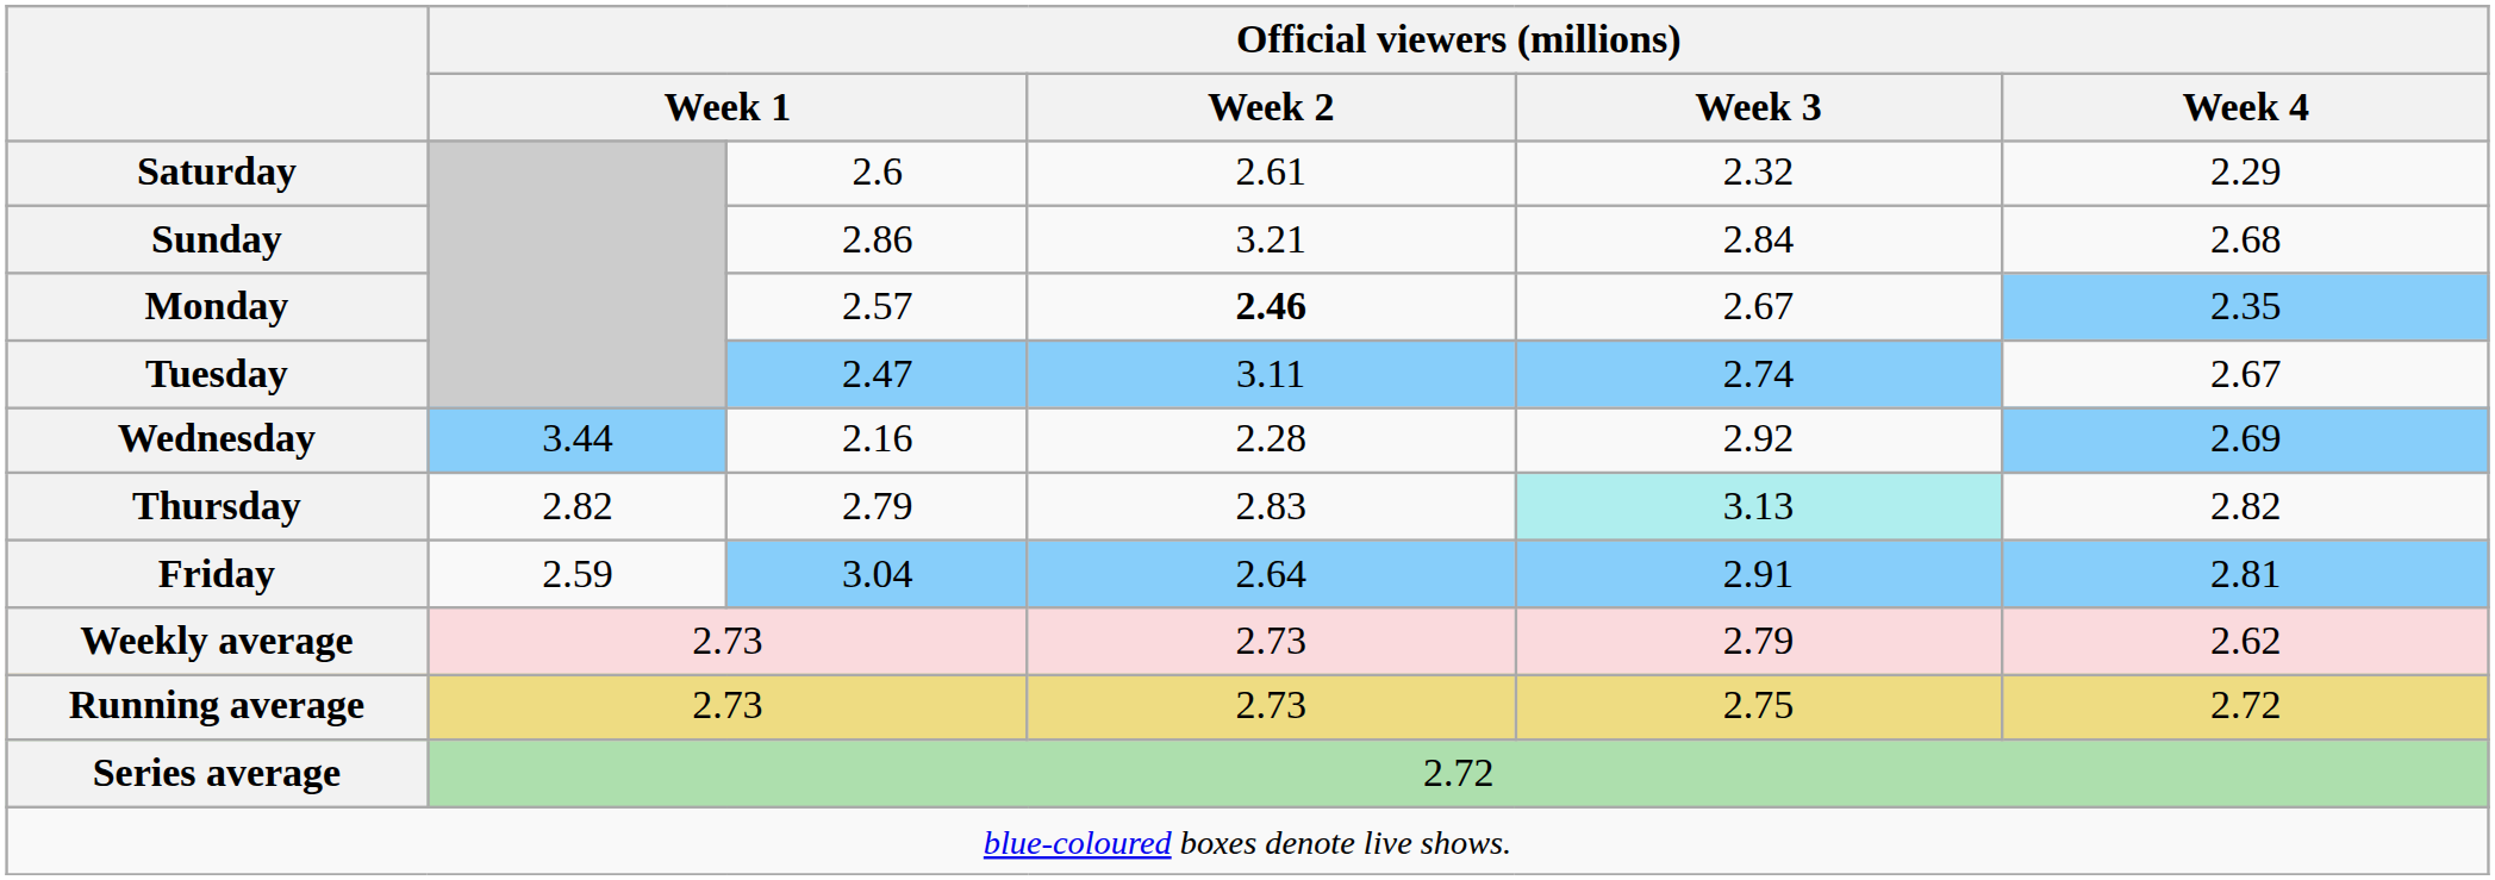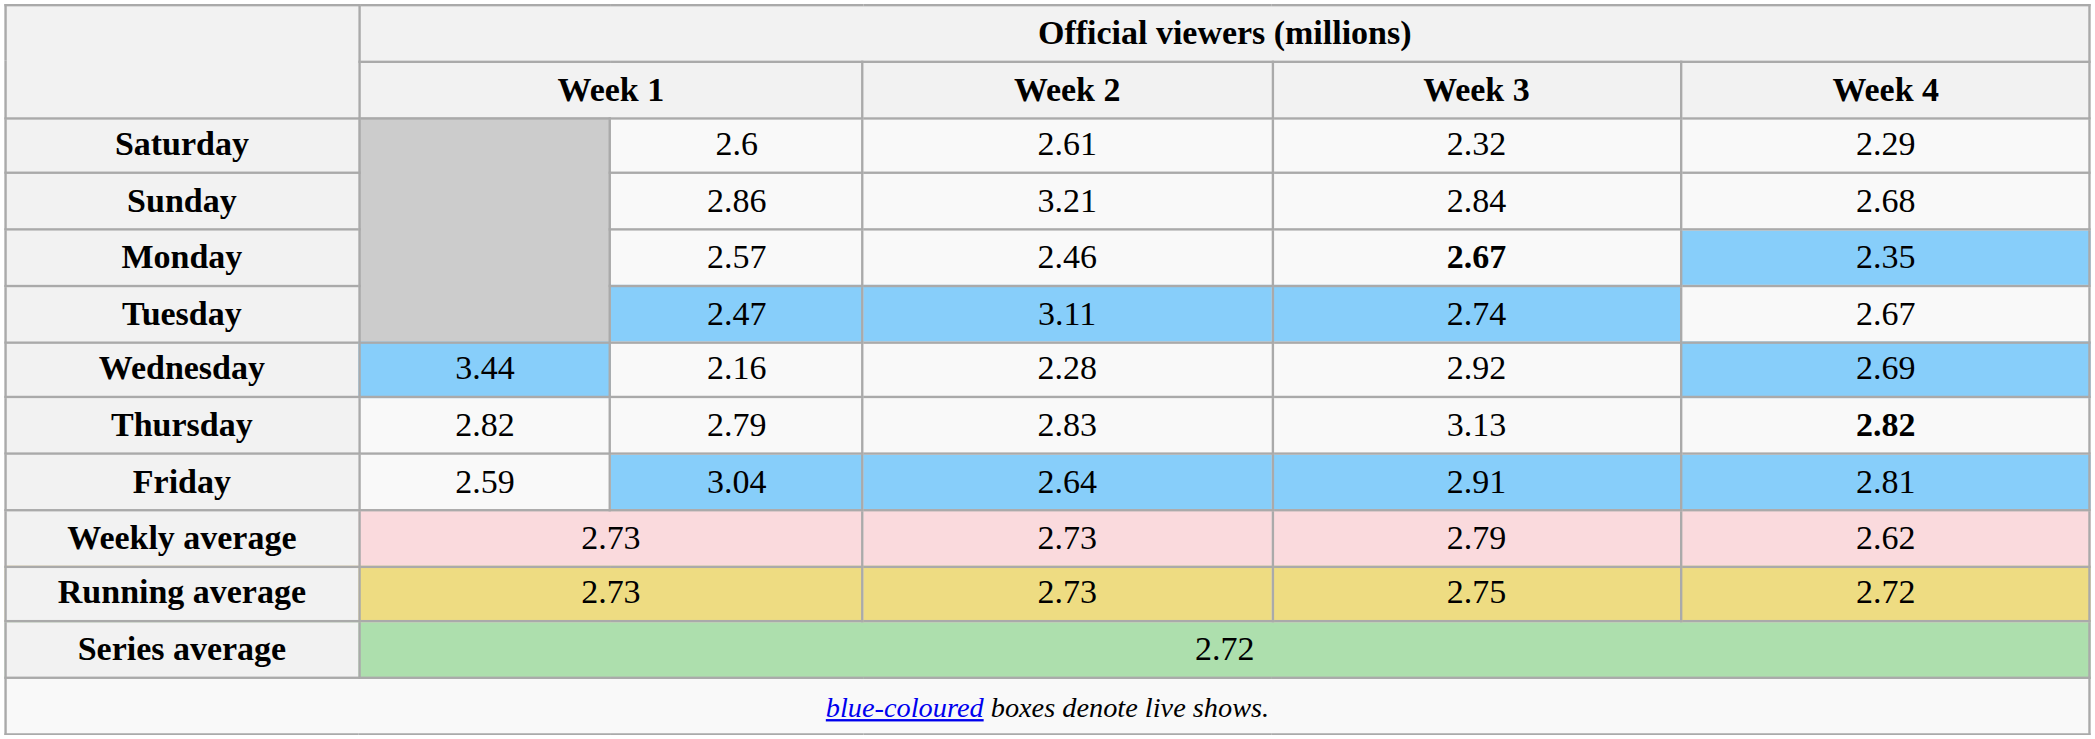 <table class="wikitable" style="font-size:90%; text-align:center; width: 70%; margin-left: auto; margin-right: auto;">
 <tr>
 <th scope="col" rowspan="2" style="width:17%;"></th>
 <th scope=col colspan=5>Official viewers (millions)</th>
 </tr>
 <tr>
 <th colspan="2">Week 1</th>
 <th>Week 2</th>
 <th>Week 3</th>
 <th>Week 4</th>
 </tr>
 <tr>
 <th>Saturday</th>
 <td style="background:#ccc;" rowspan="4"></td>
 <td>2.6</td>
 <td>2.61</td>
 <td>2.32</td>
 <td>2.29</td>
 </tr>
 <tr>
 <th>Sunday</th>
 <td>2.86</td>
 <td>3.21</td>
 <td>2.84</td>
 <td>2.68</td>
 </tr>
 <tr>
 <th>Monday</th>
 <td>2.57</td>
-<td><strong>2.46</strong></td>
-<td>2.67</td>
+<td>2.46</td>
+<td><strong>2.67</strong></td>
 <td style="background:#87CEFA;">2.35</td>
 </tr>
 <tr>
 <th>Tuesday</th>
 <td style="background:#87CEFA;">2.47</td>
 <td style="background:#87CEFA;">3.11</td>
 <td style="background:#87CEFA;">2.74</td>
 <td>2.67</td>
 </tr>
 <tr>
 <th>Wednesday</th>
 <td style="background:#87CEFA;">3.44</td>
 <td>2.16</td>
 <td>2.28</td>
 <td>2.92</td>
 <td style="background:#87CEFA;">2.69</td>
 </tr>
 <tr>
 <th>Thursday</th>
 <td>2.82</td>
 <td>2.79</td>
 <td>2.83</td>
-<td style="background: paleturquoise;">3.13</td>
-<td>2.82</td>
+<td>3.13</td>
+<td><strong>2.82</strong></td>
 </tr>
 <tr>
 <th>Friday</th>
 <td>2.59</td>
 <td style="background:#87CEFA;">3.04</td>
 <td style="background:#87CEFA;">2.64</td>
 <td style="background:#87CEFA;">2.91</td>
 <td style="background:#87CEFA;">2.81</td>
 </tr>
 <tr style="background:#FADADD;" |>
 <th>Weekly average</th>
 <td colspan=2>2.73</td>
 <td>2.73</td>
 <td>2.79</td>
 <td>2.62</td>
 </tr>
 <tr style="background:#EEDC82;" |>
 <th>Running average</th>
 <td colspan=2>2.73</td>
 <td>2.73</td>
 <td>2.75</td>
 <td>2.72</td>
 </tr>
 <tr style="background:#ADDFAD;" |>
 <th>Series average</th>
 <td colspan="5">2.72</td>
 </tr>
 <tr>
 <td colspan=6><small><em><a href='#'>blue-coloured</a> boxes denote live shows.</em></small></td>
 </tr>
 </table>
